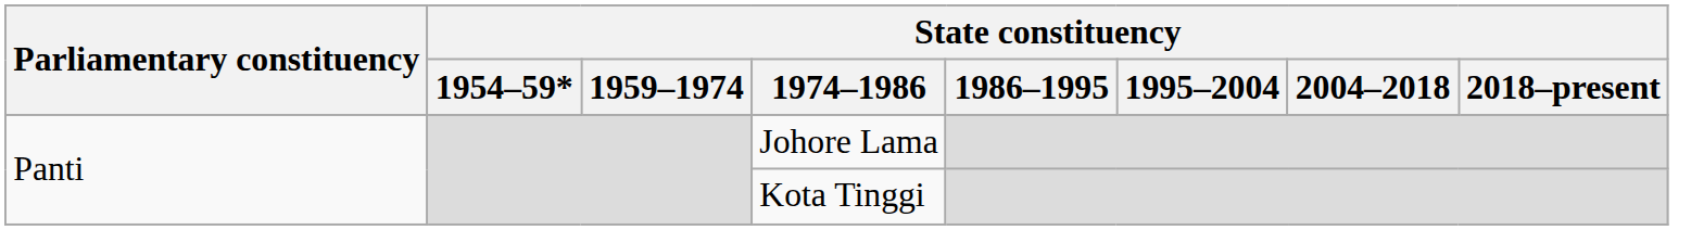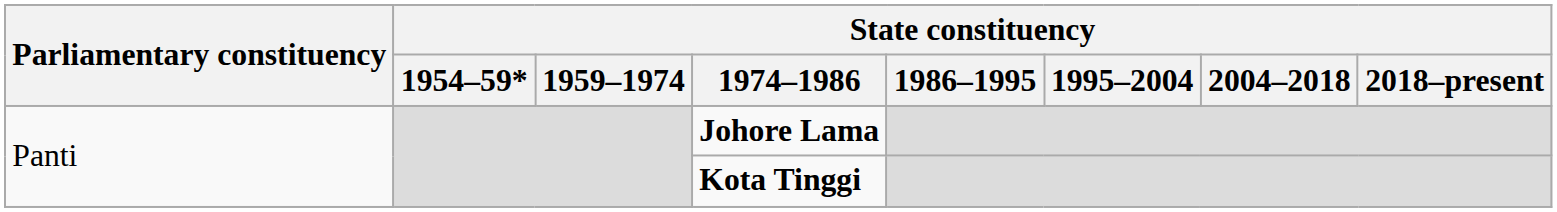 <table class="wikitable">
 <tr>
 <th rowspan="2">Parliamentary constituency</th>
 <th colspan="7">State constituency</th>
 </tr>
 <tr>
 <th>1954–59*</th>
 <th>1959–1974</th>
 <th>1974–1986</th>
 <th>1986–1995</th>
 <th>1995–2004</th>
 <th>2004–2018</th>
 <th>2018–present</th>
 </tr>
 <tr>
 <td rowspan="2">Panti</td>
 <td colspan="2" rowspan="2" bgcolor="dcdcdc"></td>
-<td>Johore Lama</td>
+<td><strong>Johore Lama</strong></td>
 <td colspan="4" bgcolor="dcdcdc"></td>
 </tr>
 <tr>
-<td>Kota Tinggi</td>
+<td><strong>Kota Tinggi</strong></td>
 <td colspan="4" bgcolor="dcdcdc"></td>
 </tr>
 </table>
